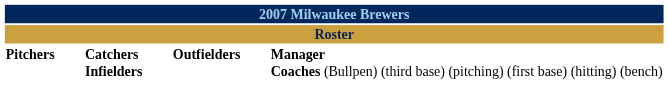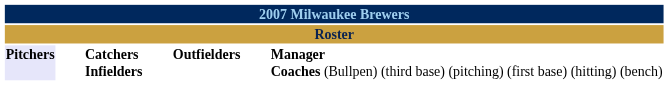 <table class="toccolours" style="font-size: 95%;">
 <tr>
 <th colspan="10" style="background-color: #00285D; color: #9ECEEE; text-align: center;">2007 Milwaukee Brewers</th>
 </tr>
 <tr>
 <td colspan="10" style="background-color: #CBA140; color: #0a2351; text-align: center;"><strong>Roster</strong></td>
 </tr>
 <tr>
-<td valign="top"><strong>Pitchers</strong><br>                    </td>
+<td valign="top" style="background: lavender;"><strong>Pitchers</strong><br>                    </td>
 <td width="25px"></td>
 <td valign="top"><strong>Catchers</strong><br>   <strong>Infielders</strong>       </td>
 <td width="25px"></td>
 <td valign="top"><strong>Outfielders</strong><br>        </td>
 <td width="25px"></td>
 <td valign="top"><strong>Manager</strong><br>  <strong>Coaches</strong>  (Bullpen)  (third base)    (pitching)  (first base)  (hitting)  (bench)</td>
 </tr>
 <tr>
 </tr>
 </table>
